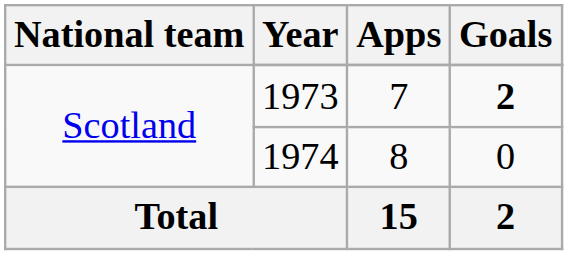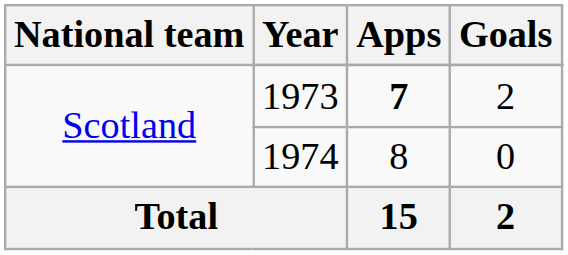 <table class="wikitable" style="text-align: center;">
 <tr>
 <th>National team</th>
 <th>Year</th>
 <th>Apps</th>
 <th>Goals</th>
 </tr>
 <tr>
 <td rowspan=3><a href='#'>Scotland</a></td>
 </tr>
 <tr>
 <td>1973</td>
-<td>7</td>
-<td><strong>2</strong></td>
+<td><strong>7</strong></td>
+<td>2</td>
 </tr>
 <tr>
 <td>1974</td>
 <td>8</td>
 <td>0</td>
 </tr>
 <tr>
 <th colspan=2>Total</th>
 <th>15</th>
 <th>2</th>
 </tr>
 </table>
